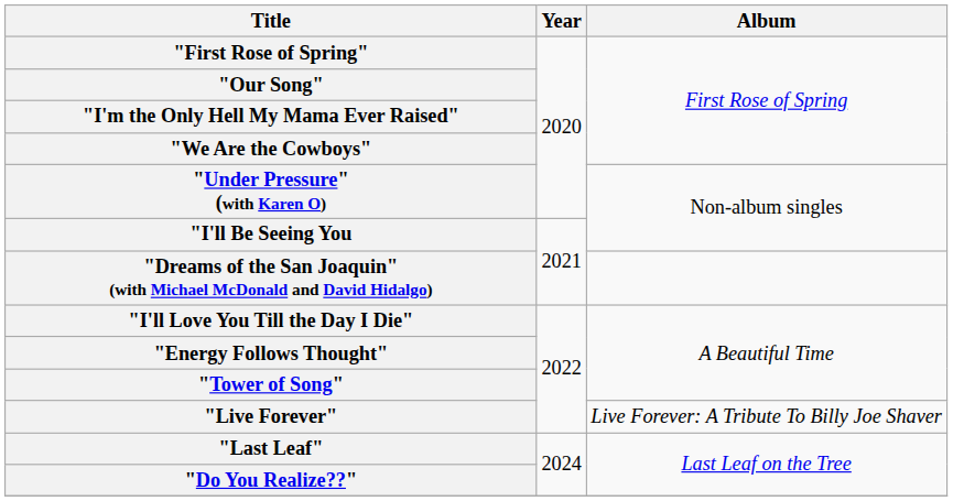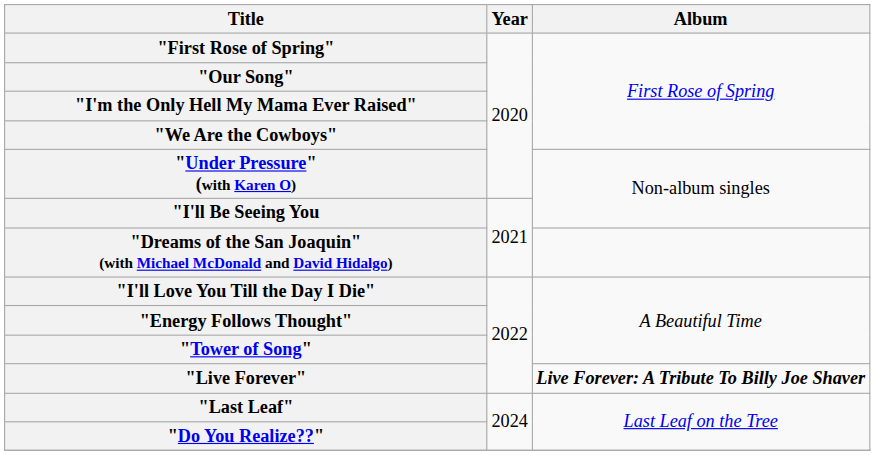 <table class="wikitable plainrowheaders" style="text-align:center;">
 <tr>
 <th style="width:26em;">Title</th>
 <th>Year</th>
 <th>Album</th>
 </tr>
 <tr>
 <th scope = "row">"First Rose of Spring"</th>
 <td rowspan="5">2020</td>
 <td rowspan = "4"><em><a href='#'>First Rose of Spring</a></em></td>
 </tr>
 <tr>
 <th scope = "row">"Our Song"</th>
 </tr>
 <tr>
 <th scope = "row">"I'm the Only Hell My Mama Ever Raised"</th>
 </tr>
 <tr>
 <th scope = "row">"We Are the Cowboys"</th>
 </tr>
 <tr>
 <th scope = "row">"<a href='#'>Under Pressure</a>"<br> (<small>with <a href='#'>Karen O</a>)</small></th>
 <td rowspan="2">Non-album singles</td>
 </tr>
 <tr>
 <th scope = "row">"I'll Be Seeing You</th>
 <td rowspan=2>2021</td>
 </tr>
 <tr>
 <th scope = "row">"Dreams of the San Joaquin"<br> <small>(with <a href='#'>Michael McDonald</a> and <a href='#'>David Hidalgo</a>)</small></th>
 </tr>
 <tr>
 <th scope = "row">"I'll Love You Till the Day I Die"</th>
 <td rowspan=4>2022</td>
 <td rowspan=3><em>A Beautiful Time</em></td>
 </tr>
 <tr>
 <th scope = "row">"Energy Follows Thought"</th>
 </tr>
 <tr>
 <th scope = "row">"<a href='#'>Tower of Song</a>"</th>
 </tr>
 <tr>
 <th scope = "row">"Live Forever"<br> </th>
-<td><em>Live Forever: A Tribute To Billy Joe Shaver</em></td>
+<td><strong><em>Live Forever: A Tribute To Billy Joe Shaver</em></strong></td>
 </tr>
 <tr>
 <th scope = "row">"Last Leaf"</th>
 <td rowspan=2>2024</td>
 <td rowspan=2><em><a href='#'>Last Leaf on the Tree</a></em></td>
 </tr>
 <tr>
 <th scope = "row">"<a href='#'>Do You Realize??</a>"</th>
 </tr>
 <tr>
 </tr>
 </table>
